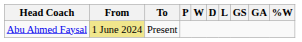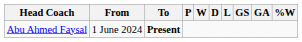 <table class="wikitable sortable" style="text-align: center">
 <tr>
 <th>Head Coach</th>
 <th class="unsortable">From</th>
 <th class="unsortable">To</th>
 <th abbr="3">P</th>
 <th abbr="1">W</th>
 <th abbr="1">D</th>
 <th abbr="1">L</th>
 <th abbr="4">GS</th>
 <th abbr="6">GA</th>
 <th abbr="50">%W</th>
 </tr>
 <tr>
 <td align="left"> <a href='#'>Abu Ahmed Faysal</a></td>
-<td align="left" style="background: khaki;">1 June 2024</td>
-<td align="left">Present<br></td>
+<td align="left">1 June 2024</td>
+<td align="left"><strong>Present<br></strong></td>
 </tr>
 </table>
